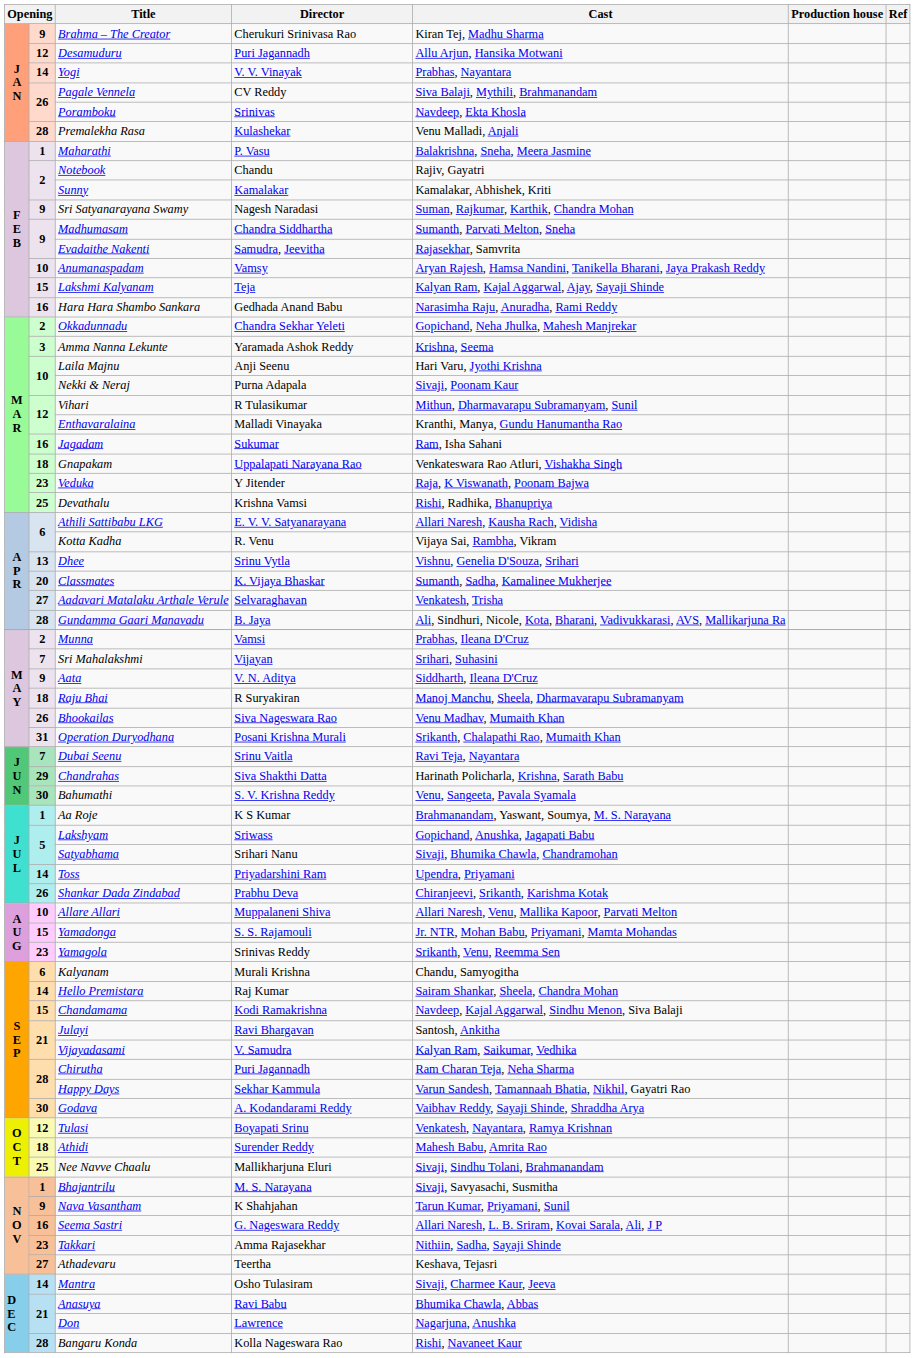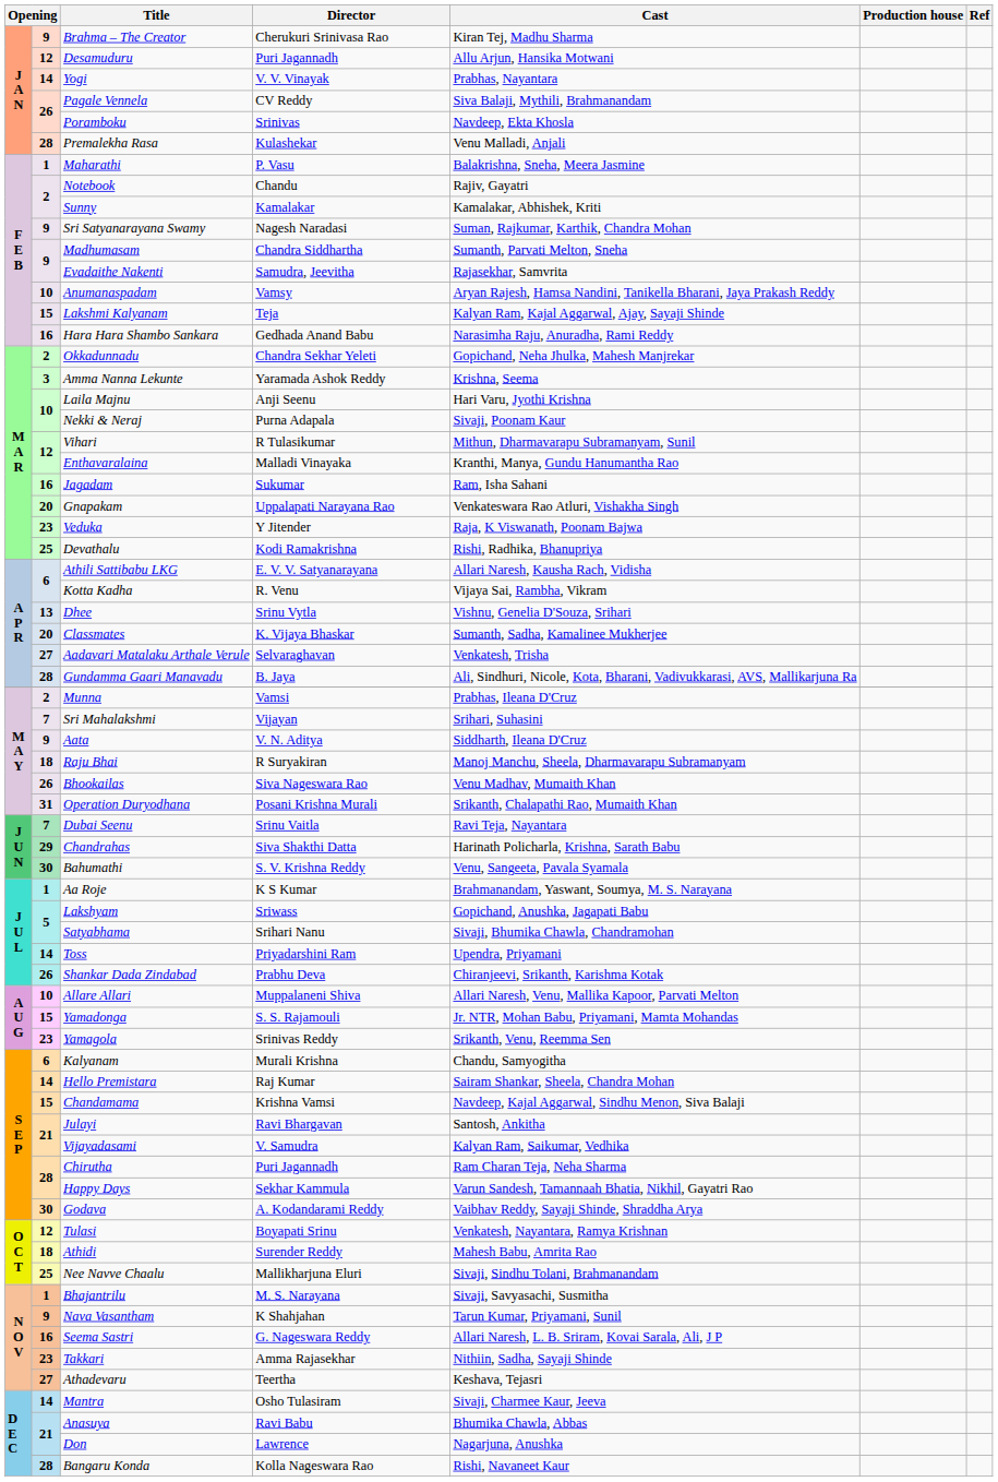 <table class="wikitable sortable">
 <tr style="background:#blue; text-align:center;">
 <th colspan="2">Opening</th>
 <th>Title</th>
 <th style="width:20%;">Director</th>
 <th>Cast</th>
 <th>Production house</th>
 <th>Ref</th>
 </tr>
 <tr January!>
 <td rowspan="6"   style="text-align:center; background:#ffa07a; "><strong>J<br>A<br>N</strong></td>
 <td style="text-align:center; background:#ffdacc;"><strong>9</strong></td>
 <td><em><a href='#'>Brahma – The Creator</a></em></td>
 <td>Cherukuri Srinivasa Rao</td>
 <td>Kiran Tej, <a href='#'>Madhu Sharma</a></td>
 <td></td>
 <td></td>
 </tr>
 <tr>
 <td style="text-align:center; background:#ffdacc;"><strong>12</strong></td>
 <td><em><a href='#'>Desamuduru</a></em></td>
 <td><a href='#'>Puri Jagannadh</a></td>
 <td><a href='#'>Allu Arjun</a>, <a href='#'>Hansika Motwani</a></td>
 <td></td>
 <td></td>
 </tr>
 <tr>
 <td style="text-align:center; background:#ffdacc;"><strong>14</strong></td>
 <td><em><a href='#'>Yogi</a></em></td>
 <td><a href='#'>V. V. Vinayak</a></td>
 <td><a href='#'>Prabhas</a>, <a href='#'>Nayantara</a></td>
 <td></td>
 <td></td>
 </tr>
 <tr>
 <td rowspan="2" style="text-align:center; background:#ffdacc;"><strong>26</strong></td>
 <td><em><a href='#'>Pagale Vennela</a></em></td>
 <td>CV Reddy</td>
 <td><a href='#'>Siva Balaji</a>, <a href='#'>Mythili</a>, <a href='#'>Brahmanandam</a></td>
 <td></td>
 <td></td>
 </tr>
 <tr>
 <td><em><a href='#'>Poramboku</a></em></td>
 <td><a href='#'>Srinivas</a></td>
 <td><a href='#'>Navdeep</a>, <a href='#'>Ekta Khosla</a></td>
 <td></td>
 <td></td>
 </tr>
 <tr>
 <td style="text-align:center; background:#ffdacc;"><strong>28</strong></td>
 <td><em>Premalekha Rasa</em></td>
 <td><a href='#'>Kulashekar</a></td>
 <td>Venu Malladi, <a href='#'>Anjali</a></td>
 <td></td>
 <td></td>
 </tr>
 <tr February!>
 <td rowspan="9" style="text-align:center; background:#dcc7df; "><strong>F<br>E<br>B</strong></td>
 <td style="text-align:center; background:#ede3ef;"><strong>1</strong></td>
 <td><em><a href='#'>Maharathi</a></em></td>
 <td><a href='#'>P. Vasu</a></td>
 <td><a href='#'>Balakrishna</a>, <a href='#'>Sneha</a>, <a href='#'>Meera Jasmine</a></td>
 <td></td>
 <td></td>
 </tr>
 <tr>
 <td rowspan="2" style="text-align:center; background:#ede3ef;"><strong>2</strong></td>
 <td><em><a href='#'>Notebook</a></em></td>
 <td>Chandu</td>
 <td>Rajiv, Gayatri</td>
 <td></td>
 <td></td>
 </tr>
 <tr>
 <td><em><a href='#'>Sunny</a></em></td>
 <td><a href='#'>Kamalakar</a></td>
 <td>Kamalakar, Abhishek, Kriti</td>
 <td></td>
 <td></td>
 </tr>
 <tr>
 <td style="text-align:center; background:#ede3ef;"><strong>9</strong></td>
 <td><em>Sri Satyanarayana Swamy</em></td>
 <td>Nagesh Naradasi</td>
 <td><a href='#'>Suman</a>, <a href='#'>Rajkumar</a>, <a href='#'>Karthik</a>, <a href='#'>Chandra Mohan</a></td>
 <td></td>
 <td></td>
 </tr>
 <tr>
 <td rowspan="2" style="text-align:center; background:#ede3ef;"><strong>9</strong></td>
 <td><em><a href='#'>Madhumasam</a></em></td>
 <td><a href='#'>Chandra Siddhartha</a></td>
 <td><a href='#'>Sumanth</a>, <a href='#'>Parvati Melton</a>, <a href='#'>Sneha</a></td>
 <td></td>
 <td></td>
 </tr>
 <tr>
 <td><em><a href='#'>Evadaithe Nakenti</a></em></td>
 <td><a href='#'>Samudra</a>, <a href='#'>Jeevitha</a></td>
 <td><a href='#'>Rajasekhar</a>, Samvrita</td>
 <td></td>
 <td></td>
 </tr>
 <tr>
 <td style="text-align:center; background:#ede3ef;"><strong>10</strong></td>
 <td><em><a href='#'>Anumanaspadam</a></em></td>
 <td><a href='#'>Vamsy</a></td>
 <td><a href='#'>Aryan Rajesh</a>, <a href='#'>Hamsa Nandini</a>, <a href='#'>Tanikella Bharani</a>, <a href='#'>Jaya Prakash Reddy</a></td>
 <td></td>
 <td></td>
 </tr>
 <tr>
 <td style="text-align:center; background:#ede3ef;"><strong>15</strong></td>
 <td><em><a href='#'>Lakshmi Kalyanam</a></em></td>
 <td><a href='#'>Teja</a></td>
 <td><a href='#'>Kalyan Ram</a>, <a href='#'>Kajal Aggarwal</a>, <a href='#'>Ajay</a>, <a href='#'>Sayaji Shinde</a></td>
 <td></td>
 <td></td>
 </tr>
 <tr>
 <td style="text-align:center; background:#ede3ef;"><strong>16</strong></td>
 <td><em>Hara Hara Shambo Sankara</em></td>
 <td>Gedhada Anand Babu</td>
 <td><a href='#'>Narasimha Raju</a>, <a href='#'>Anuradha</a>, <a href='#'>Rami Reddy</a></td>
 <td></td>
 <td></td>
 </tr>
 <tr March!>
 <td rowspan="10" style="text-align:center; background:#98fb98; "><strong>M<br>A<br>R</strong></td>
 <td style="text-align:center; background:#cdfecd;"><strong>2</strong></td>
 <td><em><a href='#'>Okkadunnadu</a></em></td>
 <td><a href='#'>Chandra Sekhar Yeleti</a></td>
 <td><a href='#'>Gopichand</a>, <a href='#'>Neha Jhulka</a>, <a href='#'>Mahesh Manjrekar</a></td>
 <td></td>
 <td></td>
 </tr>
 <tr>
 <td style="text-align:center; background:#cdfecd;"><strong>3</strong></td>
 <td><em>Amma Nanna Lekunte</em></td>
 <td>Yaramada Ashok Reddy</td>
 <td><a href='#'>Krishna</a>, <a href='#'>Seema</a></td>
 <td></td>
 <td></td>
 </tr>
 <tr>
 <td rowspan="2" style="text-align:center;background:#cdfecd;"><strong>10</strong></td>
 <td><em>Laila Majnu</em></td>
 <td>Anji Seenu</td>
 <td>Hari Varu, <a href='#'>Jyothi Krishna</a></td>
 <td></td>
 <td></td>
 </tr>
 <tr>
 <td><em>Nekki & Neraj</em></td>
 <td>Purna Adapala</td>
 <td><a href='#'>Sivaji</a>, <a href='#'>Poonam Kaur</a></td>
 <td></td>
 <td></td>
 </tr>
 <tr>
 <td rowspan="2" style="text-align:center;background:#cdfecd;"><strong>12</strong></td>
 <td><em>Vihari</em></td>
 <td>R Tulasikumar</td>
 <td><a href='#'>Mithun</a>, <a href='#'>Dharmavarapu Subramanyam</a>, <a href='#'>Sunil</a></td>
 <td></td>
 <td></td>
 </tr>
 <tr>
 <td><em><a href='#'>Enthavaralaina</a></em></td>
 <td>Malladi Vinayaka</td>
 <td>Kranthi, Manya, <a href='#'>Gundu Hanumantha Rao</a></td>
 <td></td>
 <td></td>
 </tr>
 <tr>
 <td style="text-align:center; background:#cdfecd;"><strong>16</strong></td>
 <td><em><a href='#'>Jagadam</a></em></td>
 <td><a href='#'>Sukumar</a></td>
 <td><a href='#'>Ram</a>, Isha Sahani</td>
 <td></td>
 <td></td>
 </tr>
 <tr>
-<td rowspan="1" style="text-align:center;background:#cdfecd;"><strong>18</strong></td>
+<td rowspan="1" style="text-align:center;background:#cdfecd;"><strong>20</strong></td>
 <td><em>Gnapakam</em></td>
 <td><a href='#'>Uppalapati Narayana Rao</a></td>
 <td>Venkateswara Rao Atluri, <a href='#'>Vishakha Singh</a></td>
 <td></td>
 <td></td>
 </tr>
 <tr>
 <td style="text-align:center; background:#cdfecd;"><strong>23</strong></td>
 <td><em><a href='#'>Veduka</a></em></td>
 <td>Y Jitender</td>
 <td><a href='#'>Raja</a>, <a href='#'>K Viswanath</a>, <a href='#'>Poonam Bajwa</a></td>
 <td></td>
 <td></td>
 </tr>
 <tr>
 <td style="text-align:center; background:#cdfecd;"><strong>25</strong></td>
 <td><em>Devathalu</em></td>
-<td>Krishna Vamsi</td>
+<td><a href='#'>Kodi Ramakrishna</a></td>
 <td><a href='#'>Rishi</a>, Radhika, <a href='#'>Bhanupriya</a></td>
 <td></td>
 <td></td>
 </tr>
 <tr April!>
 <td rowspan="6"   style="text-align:center; background:#b4cae3; "><strong>A<br>P<br>R</strong></td>
 <td rowspan="2" style="text-align:center; background:#d9e4f1; "><strong>6</strong></td>
 <td><em><a href='#'>Athili Sattibabu LKG</a></em></td>
 <td><a href='#'>E. V. V. Satyanarayana</a></td>
 <td><a href='#'>Allari Naresh</a>, <a href='#'>Kausha Rach</a>, <a href='#'>Vidisha</a></td>
 <td></td>
 <td></td>
 </tr>
 <tr>
 <td><em>Kotta Kadha</em></td>
 <td>R. Venu</td>
 <td>Vijaya Sai, <a href='#'>Rambha</a>, Vikram</td>
 <td></td>
 <td></td>
 </tr>
 <tr>
 <td style="text-align:center; background:#d9e4f1;"><strong>13</strong></td>
 <td><em><a href='#'>Dhee</a></em></td>
 <td><a href='#'>Srinu Vytla</a></td>
 <td><a href='#'>Vishnu</a>, <a href='#'>Genelia D'Souza</a>, <a href='#'>Srihari</a></td>
 <td></td>
 <td></td>
 </tr>
 <tr>
 <td style="text-align:center; background:#d9e4f1;"><strong>20</strong></td>
 <td><em><a href='#'>Classmates</a></em></td>
 <td><a href='#'>K. Vijaya Bhaskar</a></td>
 <td><a href='#'>Sumanth</a>, <a href='#'>Sadha</a>, <a href='#'>Kamalinee Mukherjee</a></td>
 <td></td>
 <td></td>
 </tr>
 <tr>
 <td style="text-align:center; background:#d9e4f1;"><strong>27</strong></td>
 <td><em><a href='#'>Aadavari Matalaku Arthale Verule</a></em></td>
 <td><a href='#'>Selvaraghavan</a></td>
 <td><a href='#'>Venkatesh</a>, <a href='#'>Trisha</a></td>
 <td></td>
 <td></td>
 </tr>
 <tr>
 <td style="text-align:center; background:#d9e4f1;"><strong>28</strong></td>
 <td><em><a href='#'>Gundamma Gaari Manavadu</a></em></td>
 <td><a href='#'>B. Jaya</a></td>
 <td><a href='#'>Ali</a>, Sindhuri, Nicole, <a href='#'>Kota</a>, <a href='#'>Bharani</a>, <a href='#'>Vadivukkarasi</a>, <a href='#'>AVS</a>, <a href='#'>Mallikarjuna Ra</a></td>
 <td></td>
 <td></td>
 </tr>
 <tr>
 </tr>
 <tr May!>
 <td rowspan="6"   style="text-align:center; background:#dcc7df;  "><strong>M<br>A<br>Y</strong></td>
 <td style="text-align:center; background:#ede3ef;"><strong>2</strong></td>
 <td><em><a href='#'>Munna</a></em></td>
 <td><a href='#'>Vamsi</a></td>
 <td><a href='#'>Prabhas</a>, <a href='#'>Ileana D'Cruz</a></td>
 <td></td>
 <td></td>
 </tr>
 <tr>
 <td style="text-align:center; background:#ede3ef;"><strong>7</strong></td>
 <td><em>Sri Mahalakshmi</em></td>
 <td><a href='#'>Vijayan</a></td>
 <td><a href='#'>Srihari</a>, <a href='#'>Suhasini</a></td>
 <td></td>
 <td></td>
 </tr>
 <tr>
 <td style="text-align:center; background:#ede3ef;"><strong>9</strong></td>
 <td><em><a href='#'>Aata</a></em></td>
 <td><a href='#'>V. N. Aditya</a></td>
 <td><a href='#'>Siddharth</a>, <a href='#'>Ileana D'Cruz</a></td>
 <td></td>
 <td></td>
 </tr>
 <tr>
 <td style="text-align:center; background:#ede3ef;"><strong>18</strong></td>
 <td><em><a href='#'>Raju Bhai</a></em></td>
 <td>R Suryakiran</td>
 <td><a href='#'>Manoj Manchu</a>, <a href='#'>Sheela</a>, <a href='#'>Dharmavarapu Subramanyam</a></td>
 <td></td>
 <td></td>
 </tr>
 <tr>
 <td style="text-align:center; background:#ede3ef;"><strong>26</strong></td>
 <td><em><a href='#'>Bhookailas</a></em></td>
 <td><a href='#'>Siva Nageswara Rao</a></td>
 <td><a href='#'>Venu Madhav</a>, <a href='#'>Mumaith Khan</a></td>
 <td></td>
 <td></td>
 </tr>
 <tr>
 <td style="text-align:center; background:#ede3ef;"><strong>31</strong></td>
 <td><em><a href='#'>Operation Duryodhana</a></em></td>
 <td><a href='#'>Posani Krishna Murali</a></td>
 <td><a href='#'>Srikanth</a>, <a href='#'>Chalapathi Rao</a>, <a href='#'>Mumaith Khan</a></td>
 <td></td>
 <td></td>
 </tr>
 <tr June!>
 <td rowspan="3" style="text-align:center; background:#50c878;  "><strong>J<br>U<br>N</strong></td>
 <td style="text-align:center; background:#a8e4bc;"><strong>7</strong></td>
 <td><em><a href='#'>Dubai Seenu</a></em></td>
 <td><a href='#'>Srinu Vaitla</a></td>
 <td><a href='#'>Ravi Teja</a>, <a href='#'>Nayantara</a></td>
 <td></td>
 <td></td>
 </tr>
 <tr>
 <td rowspan="1" style="text-align:center; background:#a8e4bc;"><strong>29</strong></td>
 <td><em><a href='#'>Chandrahas</a></em></td>
 <td><a href='#'>Siva Shakthi Datta</a></td>
 <td>Harinath Policharla, <a href='#'>Krishna</a>, <a href='#'>Sarath Babu</a></td>
 <td></td>
 <td></td>
 </tr>
 <tr>
 <td style="text-align:center; background:#a8e4bc;"><strong>30</strong></td>
 <td><em>Bahumathi</em></td>
 <td><a href='#'>S. V. Krishna Reddy</a></td>
 <td><a href='#'>Venu</a>, <a href='#'>Sangeeta</a>, <a href='#'>Pavala Syamala</a></td>
 <td></td>
 <td></td>
 </tr>
 <tr July!>
 <td rowspan="5" style="text-align:center; background:#40e0d0;  "><strong>J<br>U<br>L</strong></td>
 <td style="text-align:center; background:#afeeee;"><strong>1</strong></td>
 <td><em>Aa Roje</em></td>
 <td>K S Kumar</td>
 <td><a href='#'>Brahmanandam</a>, Yaswant, Soumya, <a href='#'>M. S. Narayana</a></td>
 <td></td>
 <td></td>
 </tr>
 <tr>
 <td rowspan="2" style="text-align:center; background:#afeeee;"><strong>5</strong></td>
 <td><em><a href='#'>Lakshyam</a></em></td>
 <td><a href='#'>Sriwass</a></td>
 <td><a href='#'>Gopichand</a>, <a href='#'>Anushka</a>, <a href='#'>Jagapati Babu</a></td>
 <td></td>
 <td></td>
 </tr>
 <tr>
 <td><em><a href='#'>Satyabhama</a></em></td>
 <td>Srihari Nanu</td>
 <td><a href='#'>Sivaji</a>, <a href='#'>Bhumika Chawla</a>, <a href='#'>Chandramohan</a></td>
 <td></td>
 <td></td>
 </tr>
 <tr>
 <td style="text-align:center; background:#afeeee;"><strong>14</strong></td>
 <td><em><a href='#'>Toss</a></em></td>
 <td><a href='#'>Priyadarshini Ram</a></td>
 <td><a href='#'>Upendra</a>, <a href='#'>Priyamani</a></td>
 <td></td>
 <td></td>
 </tr>
 <tr>
 <td style="text-align:center; background:#afeeee;"><strong>26</strong></td>
 <td><em><a href='#'>Shankar Dada Zindabad</a></em></td>
 <td><a href='#'>Prabhu Deva</a></td>
 <td><a href='#'>Chiranjeevi</a>, <a href='#'>Srikanth</a>, <a href='#'>Karishma Kotak</a></td>
 <td></td>
 <td></td>
 </tr>
 <tr August!>
 <td rowspan="3"   style="text-align:center; background:plum;  "><strong>A<br>U<br>G</strong></td>
 <td style="text-align:center; background:#fcf;"><strong>10</strong></td>
 <td><em><a href='#'>Allare Allari</a></em></td>
 <td><a href='#'>Muppalaneni Shiva</a></td>
 <td><a href='#'>Allari Naresh</a>, <a href='#'>Venu</a>, <a href='#'>Mallika Kapoor</a>, <a href='#'>Parvati Melton</a></td>
 <td></td>
 <td></td>
 </tr>
 <tr>
 <td style="text-align:center; background:#fcf;"><strong>15</strong></td>
 <td><em><a href='#'>Yamadonga</a></em></td>
 <td><a href='#'>S. S. Rajamouli</a></td>
 <td><a href='#'>Jr. NTR</a>, <a href='#'>Mohan Babu</a>, <a href='#'>Priyamani</a>, <a href='#'>Mamta Mohandas</a></td>
 <td></td>
 <td></td>
 </tr>
 <tr>
 <td style="text-align:center; background:#fcf;"><strong>23</strong></td>
 <td><em><a href='#'>Yamagola</a></em></td>
 <td>Srinivas Reddy</td>
 <td><a href='#'>Srikanth</a>, <a href='#'>Venu</a>, <a href='#'>Reemma Sen</a></td>
 <td></td>
 <td></td>
 </tr>
 <tr September!>
 <td rowspan="8" style="text-align:center; background:orange; textcolor:#ffdead;"><strong>S<br>E<br>P</strong></td>
 <td style="text-align:center; background:#ffdead;"><strong>6</strong></td>
 <td><em>Kalyanam</em></td>
 <td>Murali Krishna</td>
 <td>Chandu, Samyogitha</td>
 <td></td>
 <td></td>
 </tr>
 <tr>
 <td style="text-align:center; background:#ffdead;"><strong>14</strong></td>
 <td><em><a href='#'>Hello Premistara</a></em></td>
 <td>Raj Kumar</td>
 <td><a href='#'>Sairam Shankar</a>, <a href='#'>Sheela</a>, <a href='#'>Chandra Mohan</a></td>
 <td></td>
 <td></td>
 </tr>
 <tr>
 <td style="text-align:center; background:#ffdead;"><strong>15</strong></td>
 <td><em><a href='#'>Chandamama</a></em></td>
-<td><a href='#'>Kodi Ramakrishna</a></td>
+<td>Krishna Vamsi</td>
 <td><a href='#'>Navdeep</a>, <a href='#'>Kajal Aggarwal</a>, <a href='#'>Sindhu Menon</a>, Siva Balaji</td>
 <td></td>
 <td></td>
 </tr>
 <tr>
 <td rowspan="2" style="text-align:center; background:#ffdead;"><strong>21</strong></td>
 <td><em><a href='#'>Julayi</a></em></td>
 <td><a href='#'>Ravi Bhargavan</a></td>
 <td>Santosh, <a href='#'>Ankitha</a></td>
 <td></td>
 <td></td>
 </tr>
 <tr>
 <td><em><a href='#'>Vijayadasami</a></em></td>
 <td><a href='#'>V. Samudra</a></td>
 <td><a href='#'>Kalyan Ram</a>, <a href='#'>Saikumar</a>, <a href='#'>Vedhika</a></td>
 <td></td>
 <td></td>
 </tr>
 <tr>
 <td rowspan="2" style="text-align:center; background:#ffdead;"><strong>28</strong></td>
 <td><em><a href='#'>Chirutha</a></em></td>
 <td><a href='#'>Puri Jagannadh</a></td>
 <td><a href='#'>Ram Charan Teja</a>, <a href='#'>Neha Sharma</a></td>
 <td></td>
 <td></td>
 </tr>
 <tr>
 <td><em><a href='#'>Happy Days</a></em></td>
 <td><a href='#'>Sekhar Kammula</a></td>
 <td><a href='#'>Varun Sandesh</a>, <a href='#'>Tamannaah Bhatia</a>, <a href='#'>Nikhil</a>, Gayatri Rao</td>
 <td></td>
 <td></td>
 </tr>
 <tr>
 <td style="text-align:center; background:#ffdead;"><strong>30</strong></td>
 <td><em><a href='#'>Godava</a></em></td>
 <td><a href='#'>A. Kodandarami Reddy</a></td>
 <td><a href='#'>Vaibhav Reddy</a>, <a href='#'>Sayaji Shinde</a>, <a href='#'>Shraddha Arya</a></td>
 <td></td>
 <td></td>
 </tr>
 <tr October!>
 <td rowspan="3" style="text-align:center; background:#eef003;"><strong>O<br>C<br>T</strong></td>
 <td style="text-align:center; background:#f9fab3;"><strong>12</strong></td>
 <td><em><a href='#'>Tulasi</a></em></td>
 <td><a href='#'>Boyapati Srinu</a></td>
 <td><a href='#'>Venkatesh</a>, <a href='#'>Nayantara</a>, <a href='#'>Ramya Krishnan</a></td>
 <td></td>
 <td></td>
 </tr>
 <tr>
 <td style="text-align:center; background:#f9fab3;"><strong>18</strong></td>
 <td><em><a href='#'>Athidi</a></em></td>
 <td><a href='#'>Surender Reddy</a></td>
 <td><a href='#'>Mahesh Babu</a>, <a href='#'>Amrita Rao</a></td>
 <td></td>
 <td></td>
 </tr>
 <tr>
 <td style="text-align:center; background:#f9fab3;"><strong>25</strong></td>
 <td><em>Nee Navve Chaalu</em></td>
 <td>Mallikharjuna Eluri</td>
 <td><a href='#'>Sivaji</a>, <a href='#'>Sindhu Tolani</a>, <a href='#'>Brahmanandam</a></td>
 <td></td>
 <td></td>
 </tr>
 <tr November!>
 <td rowspan="5" style="text-align:center; background:#F7C099; "><strong>N<br>O<br>V</strong></td>
 <td style="text-align:center; background:#f7c099;"><strong>1</strong></td>
 <td><em><a href='#'>Bhajantrilu</a></em></td>
 <td><a href='#'>M. S. Narayana</a></td>
 <td><a href='#'>Sivaji</a>, Savyasachi, Susmitha</td>
 <td></td>
 <td></td>
 </tr>
 <tr>
 <td style="text-align:center; background:#f7c099;"><strong>9</strong></td>
 <td><em><a href='#'>Nava Vasantham</a></em></td>
 <td>K Shahjahan</td>
 <td><a href='#'>Tarun Kumar</a>, <a href='#'>Priyamani</a>, <a href='#'>Sunil</a></td>
 <td></td>
 <td></td>
 </tr>
 <tr>
 <td style="text-align:center; background:#f7c099;"><strong>16</strong></td>
 <td><em><a href='#'>Seema Sastri</a></em></td>
 <td><a href='#'>G. Nageswara Reddy</a></td>
 <td><a href='#'>Allari Naresh</a>, <a href='#'>L. B. Sriram</a>, <a href='#'>Kovai Sarala</a>, <a href='#'>Ali</a>, <a href='#'>J P</a></td>
 <td></td>
 <td></td>
 </tr>
 <tr>
 <td style="text-align:center; background:#f7c099;"><strong>23</strong></td>
 <td><em><a href='#'>Takkari</a></em></td>
 <td>Amma Rajasekhar</td>
 <td><a href='#'>Nithiin</a>, <a href='#'>Sadha</a>, <a href='#'>Sayaji Shinde</a></td>
 <td></td>
 <td></td>
 </tr>
 <tr>
 <td style="text-align:center; background:#f7c099;"><strong>27</strong></td>
 <td><em>Athadevaru</em></td>
 <td>Teertha</td>
 <td>Keshava, Tejasri</td>
 <td></td>
 <td></td>
 </tr>
 <tr December!>
 <td rowspan="4" style="texthfrgf-align:center; background:skyBlue;  "><strong>D<br>E<br>C</strong></td>
 <td style="text-align:center; background:#b7e1f3;"><strong>14</strong></td>
 <td><em><a href='#'>Mantra</a></em></td>
 <td>Osho Tulasiram</td>
 <td><a href='#'>Sivaji</a>, <a href='#'>Charmee Kaur</a>, <a href='#'>Jeeva</a></td>
 <td></td>
 <td></td>
 </tr>
 <tr>
 <td rowspan="2" style="text-align:center; background:#b7e1f3;"><strong>21</strong></td>
 <td><em><a href='#'>Anasuya</a></em></td>
 <td><a href='#'>Ravi Babu</a></td>
 <td><a href='#'>Bhumika Chawla</a>, <a href='#'>Abbas</a></td>
 <td></td>
 <td></td>
 </tr>
 <tr>
 <td><em><a href='#'>Don</a></em></td>
 <td><a href='#'>Lawrence</a></td>
 <td><a href='#'>Nagarjuna</a>, <a href='#'>Anushka</a></td>
 <td></td>
 <td></td>
 </tr>
 <tr>
 <td style="text-align:center; background:#b7e1f3;"><strong>28</strong></td>
 <td><em>Bangaru Konda</em></td>
 <td>Kolla Nageswara Rao</td>
 <td><a href='#'>Rishi</a>, <a href='#'>Navaneet Kaur</a></td>
 <td></td>
 <td></td>
 </tr>
 </table>
